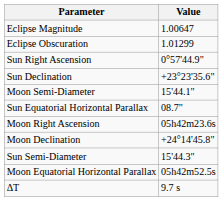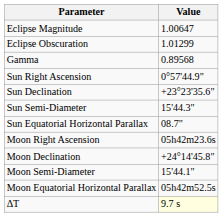 <table class="wikitable">
 <tr>
 <th>Parameter</th>
 <th>Value</th>
 </tr>
 <tr>
 <td>Eclipse Magnitude</td>
 <td>1.00647</td>
 </tr>
 <tr>
 <td>Eclipse Obscuration</td>
 <td>1.01299</td>
 </tr>
 <tr>
+<td>Gamma</td>
+<td>0.89568</td>
+</tr>
+<tr>
 <td>Sun Right Ascension</td>
 <td>0°57'44.9"</td>
 </tr>
 <tr>
 <td>Sun Declination</td>
 <td>+23°23'35.6"</td>
 </tr>
 <tr>
-<td>Moon Semi-Diameter</td>
-<td>15'44.1"</td>
+<td>Sun Semi-Diameter</td>
+<td>15'44.3"</td>
 </tr>
 <tr>
 <td>Sun Equatorial Horizontal Parallax</td>
 <td>08.7"</td>
 </tr>
 <tr>
 <td>Moon Right Ascension</td>
 <td>05h42m23.6s</td>
 </tr>
 <tr>
 <td>Moon Declination</td>
 <td>+24°14'45.8"</td>
 </tr>
 <tr>
-<td>Sun Semi-Diameter</td>
-<td>15'44.3"</td>
+<td>Moon Semi-Diameter</td>
+<td>15'44.1"</td>
 </tr>
 <tr>
 <td>Moon Equatorial Horizontal Parallax</td>
 <td>05h42m52.5s</td>
 </tr>
 <tr>
 <td>ΔT</td>
-<td>9.7 s</td>
+<td style="background: lightyellow;">9.7 s</td>
 </tr>
 </table>
